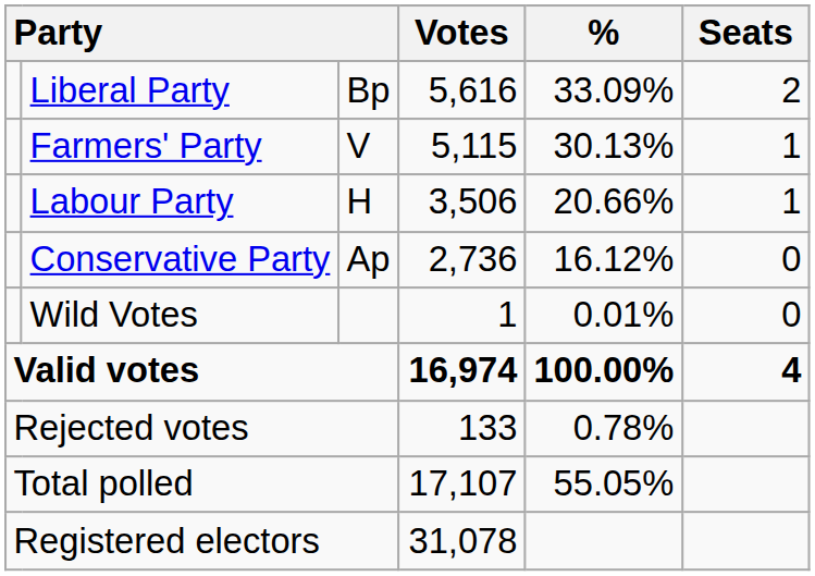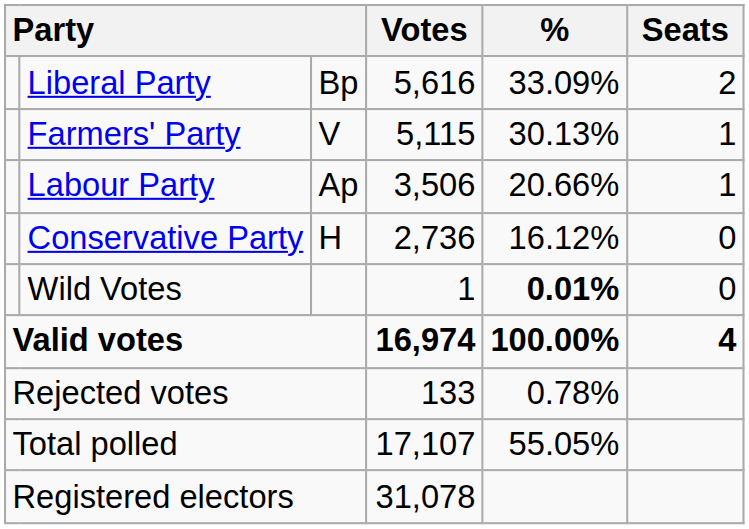 <table class="wikitable" border="1" style="text-align:right;">
 <tr>
 <th style="text-align:left;" colspan=3>Party</th>
 <th align=center width="50">Votes</th>
 <th align=center width="50">%</th>
 <th align=center width="50">Seats</th>
 </tr>
 <tr>
 <td style="color:inherit;background:"></td>
 <td align=left><a href='#'>Liberal Party</a></td>
 <td align=left>Bp</td>
 <td>5,616</td>
 <td>33.09%</td>
 <td>2</td>
 </tr>
 <tr>
 <td style="color:inherit;background:"></td>
 <td align=left><a href='#'>Farmers' Party</a></td>
 <td align=left>V</td>
 <td>5,115</td>
 <td>30.13%</td>
 <td>1</td>
 </tr>
 <tr>
 <td style="color:inherit;background:"></td>
 <td align=left><a href='#'>Labour Party</a></td>
-<td align=left>H</td>
+<td align=left>Ap</td>
 <td>3,506</td>
 <td>20.66%</td>
 <td>1</td>
 </tr>
 <tr>
 <td style="color:inherit;background:"></td>
 <td align=left><a href='#'>Conservative Party</a></td>
-<td align=left>Ap</td>
+<td align=left>H</td>
 <td>2,736</td>
 <td>16.12%</td>
 <td>0</td>
 </tr>
 <tr>
 <td></td>
 <td align=left>Wild Votes</td>
 <td align=left></td>
 <td>1</td>
-<td>0.01%</td>
+<td><strong>0.01%</strong></td>
 <td>0</td>
 </tr>
 <tr style="font-weight:bold">
 <td align=left colspan=3>Valid votes</td>
 <td>16,974</td>
 <td>100.00%</td>
 <td>4</td>
 </tr>
 <tr>
 <td align=left colspan=3>Rejected votes</td>
 <td>133</td>
 <td>0.78%</td>
 <td></td>
 </tr>
 <tr>
 <td align=left colspan=3>Total polled</td>
 <td>17,107</td>
 <td>55.05%</td>
 <td></td>
 </tr>
 <tr>
 <td align=left colspan=3>Registered electors</td>
 <td>31,078</td>
 <td></td>
 <td></td>
 </tr>
 </table>
